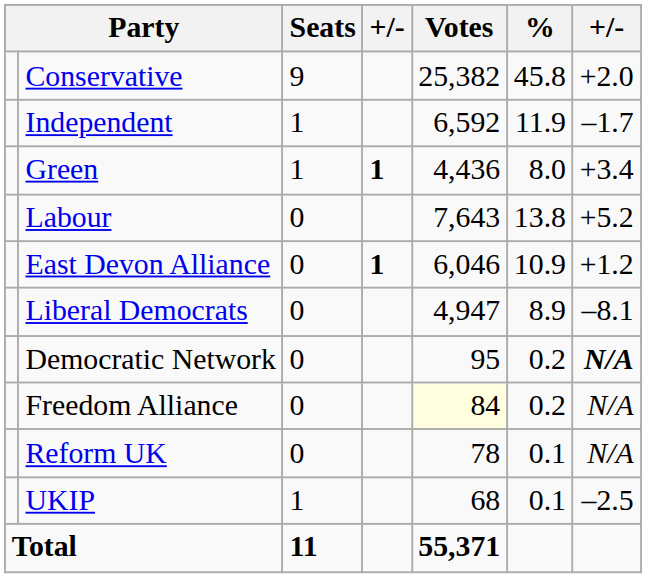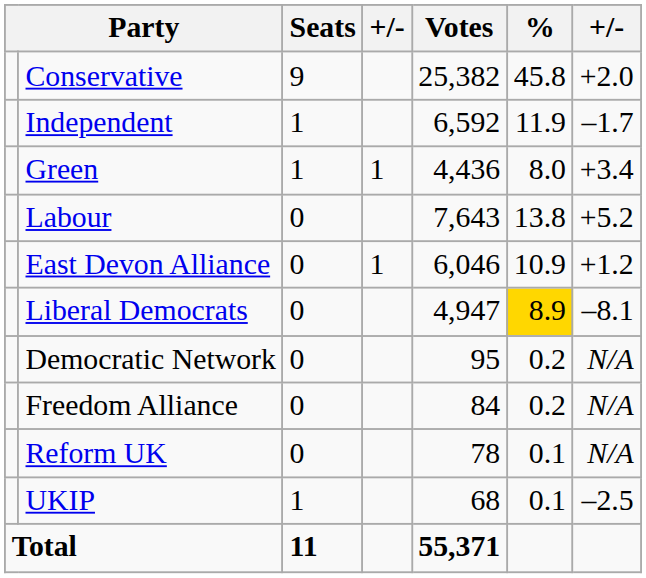 <table class="wikitable sortable">
 <tr>
 <th colspan="2">Party</th>
 <th>Seats</th>
 <th>+/-</th>
 <th>Votes</th>
 <th>%</th>
 <th>+/-</th>
 </tr>
 <tr>
 <td style="background-color: "></td>
 <td><a href='#'>Conservative</a></td>
 <td>9</td>
 <td></td>
 <td style="text-align:right;">25,382</td>
 <td style="text-align:right;">45.8</td>
 <td style="text-align:right;">+2.0</td>
 </tr>
 <tr>
 <td style="background-color: "></td>
 <td><a href='#'>Independent</a></td>
 <td>1</td>
 <td></td>
 <td style="text-align:right;">6,592</td>
 <td style="text-align:right;">11.9</td>
 <td style="text-align:right;">–1.7</td>
 </tr>
 <tr>
 <td style="background-color: "></td>
 <td><a href='#'>Green</a></td>
 <td>1</td>
-<td><strong> 1</strong></td>
+<td> 1</td>
 <td style="text-align:right;">4,436</td>
 <td style="text-align:right;">8.0</td>
 <td style="text-align:right;">+3.4</td>
 </tr>
 <tr>
 <td style="background-color: "></td>
 <td><a href='#'>Labour</a></td>
 <td>0</td>
 <td></td>
 <td style="text-align:right;">7,643</td>
 <td style="text-align:right;">13.8</td>
 <td style="text-align:right;">+5.2</td>
 </tr>
 <tr>
 <td style="background-color: "></td>
 <td><a href='#'>East Devon Alliance</a></td>
 <td>0</td>
-<td><strong> 1</strong></td>
+<td> 1</td>
 <td style="text-align:right;">6,046</td>
 <td style="text-align:right;">10.9</td>
 <td style="text-align:right;">+1.2</td>
 </tr>
 <tr>
 <td style="background-color: "></td>
 <td><a href='#'>Liberal Democrats</a></td>
 <td>0</td>
 <td></td>
 <td style="text-align:right;">4,947</td>
-<td style="text-align:right;">8.9</td>
+<td style="background: gold; text-align:right;">8.9</td>
 <td style="text-align:right;">–8.1</td>
 </tr>
 <tr>
 <td style="background-color: "></td>
 <td>Democratic Network</td>
 <td>0</td>
 <td></td>
 <td style="text-align:right;">95</td>
 <td style="text-align:right;">0.2</td>
-<td style="text-align:right;"><strong><em>N/A</em></strong></td>
+<td style="text-align:right;"><em>N/A</em></td>
 </tr>
 <tr>
 <td style="background-color: "></td>
 <td>Freedom Alliance</td>
 <td>0</td>
 <td></td>
-<td style="background: lightyellow; text-align:right;">84</td>
+<td style="text-align:right;">84</td>
 <td style="text-align:right;">0.2</td>
 <td style="text-align:right;"><em>N/A</em></td>
 </tr>
 <tr>
 <td style="background-color: "></td>
 <td><a href='#'>Reform UK</a></td>
 <td>0</td>
 <td></td>
 <td style="text-align:right;">78</td>
 <td style="text-align:right;">0.1</td>
 <td style="text-align:right;"><em>N/A</em></td>
 </tr>
 <tr>
 <td style="background-color: "></td>
 <td><a href='#'>UKIP</a></td>
 <td>1</td>
 <td></td>
 <td style="text-align:right;">68</td>
 <td style="text-align:right;">0.1</td>
 <td style="text-align:right;">–2.5</td>
 </tr>
 <tr>
 <td colspan="2"><strong>Total</strong></td>
 <td><strong>11</strong></td>
 <td></td>
 <td style="text-align:right;"><strong>55,371</strong></td>
 <td style="text-align:right;"></td>
 <td style="text-align:right;"></td>
 </tr>
 </table>
